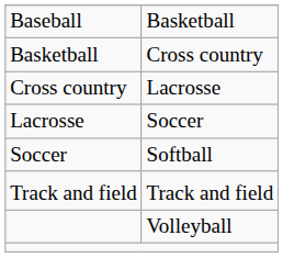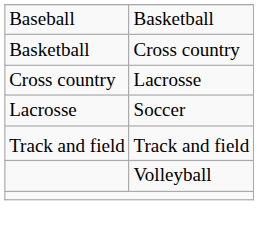 <table class="wikitable" style="float:right; clear:right; margin:0 0 1em 1em;">
 <tr>
 </tr>
 <tr>
 <td>Baseball</td>
 <td>Basketball</td>
 </tr>
 <tr>
 <td>Basketball</td>
 <td>Cross country</td>
 </tr>
 <tr>
 <td>Cross country</td>
 <td>Lacrosse</td>
 </tr>
 <tr>
 <td>Lacrosse</td>
 <td>Soccer</td>
 </tr>
 <tr>
-<td>Soccer</td>
-<td>Softball</td>
-</tr>
-<tr>
 <td>Track and field<sup></sup></td>
 <td>Track and field<sup></sup></td>
 </tr>
 <tr>
 <td></td>
 <td>Volleyball</td>
 </tr>
 <tr>
 <td colspan="2"></td>
 </tr>
 </table>
